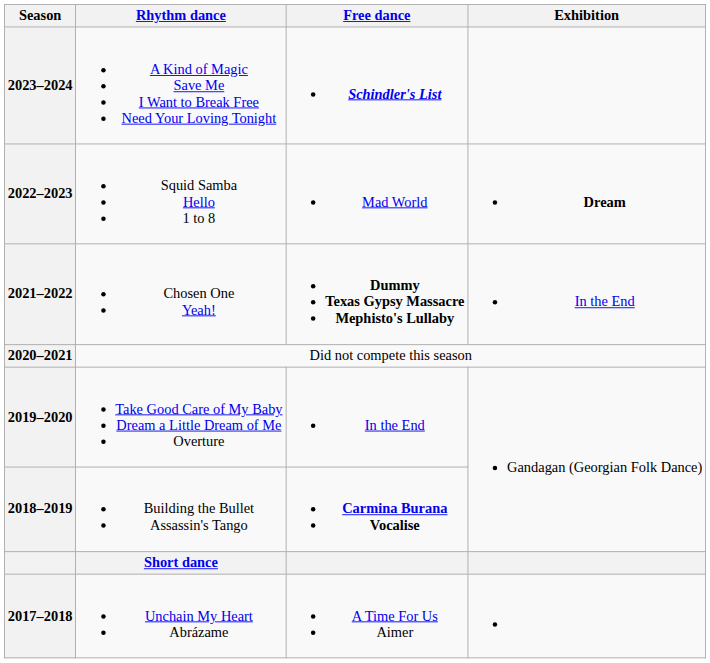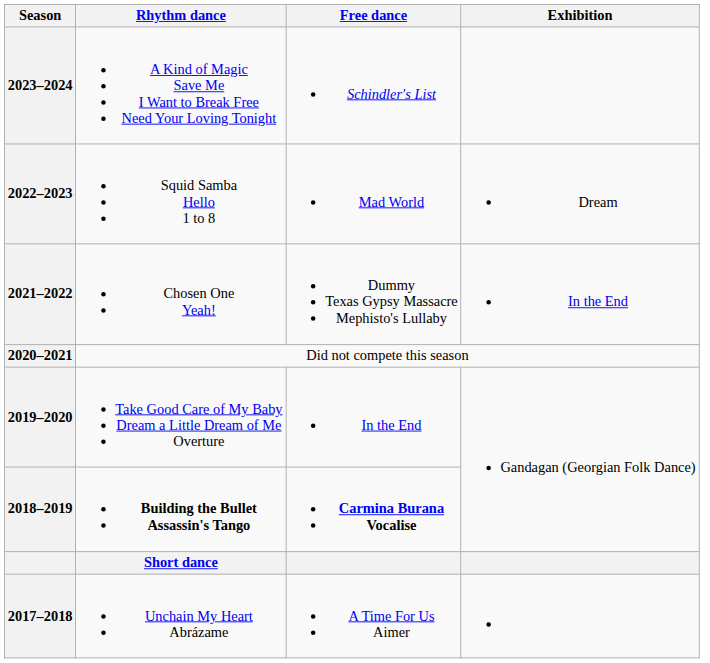 <table class=wikitable style=text-align:center>
 <tr>
 <th>Season</th>
 <th><a href='#'>Rhythm dance</a></th>
 <th><a href='#'>Free dance</a></th>
 <th>Exhibition</th>
 </tr>
 <tr>
 <th>2023–2024 <br> </th>
 <td><br><ul><li><a href='#'>A Kind of Magic</a></li><li><a href='#'>Save Me</a></li><li><a href='#'>I Want to Break Free</a></li><li><a href='#'>Need Your Loving Tonight</a> <br> </li></ul></td>
-<td><strong><br><ul><li><em><a href='#'>Schindler's List</a></em> <br> </li></ul></strong></td>
+<td><br><ul><li><em><a href='#'>Schindler's List</a></em> <br> </li></ul></td>
 <td></td>
 </tr>
 <tr>
 <th>2022–2023 <br> </th>
 <td><br><ul><li> Squid Samba <br> </li><li> <a href='#'>Hello</a> <br> </li><li> 1 to 8 <br> </li></ul></td>
 <td><br><ul><li><a href='#'>Mad World</a> <br> </li></ul></td>
-<td><strong><br><ul><li>Dream <br></li></ul></strong></td>
+<td><br><ul><li>Dream <br></li></ul></td>
 </tr>
 <tr>
 <th>2021–2022 <br> </th>
 <td><br><ul><li> Chosen One <br> </li><li> <a href='#'>Yeah!</a> <br> </li></ul></td>
-<td><strong><br><ul><li>Dummy <br> </li><li>Texas Gypsy Massacre</li><li>Mephisto's Lullaby <br> </li></ul></strong></td>
+<td><br><ul><li>Dummy <br> </li><li>Texas Gypsy Massacre</li><li>Mephisto's Lullaby <br> </li></ul></td>
 <td><br><ul><li><a href='#'>In the End</a> <br> </li></ul></td>
 </tr>
 <tr>
 <th>2020–2021 <br></th>
 <td align=center colspan=3>Did not compete this season</td>
 </tr>
 <tr>
 <th>2019–2020 <br> </th>
 <td><br><ul><li> <a href='#'>Take Good Care of My Baby</a> <br> </li><li> <a href='#'>Dream a Little Dream of Me</a> <br> </li><li> Overture <br> </li></ul></td>
 <td><br><ul><li><a href='#'>In the End</a> <br> </li></ul></td>
 <td rowspan=2><br><ul><li>Gandagan (Georgian Folk Dance) <br> </li></ul></td>
 </tr>
 <tr>
 <th>2018–2019 <br> </th>
-<td><br><ul><li> Building the Bullet <br></li><li> Assassin's Tango <br></li></ul></td>
+<td><strong><br><ul><li> Building the Bullet <br></li><li> Assassin's Tango <br></li></ul></strong></td>
 <td><strong><br><ul><li><a href='#'>Carmina Burana</a> <br></li><li>Vocalise <br></li></ul></strong></td>
 </tr>
 <tr>
 <th></th>
 <th><a href='#'>Short dance</a></th>
 <th></th>
 <th></th>
 </tr>
 <tr>
 <th>2017–2018 <br> </th>
 <td><br><ul><li> <a href='#'>Unchain My Heart</a> <br></li><li> Abrázame <br> </li></ul></td>
 <td><br><ul><li><a href='#'>A Time For Us</a> <br></li><li>Aimer <br></li></ul></td>
 <td><br><ul><li></li></ul></td>
 </tr>
 </table>
